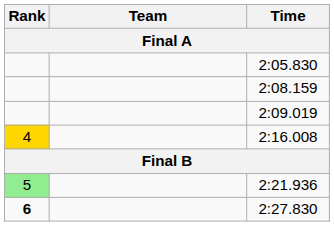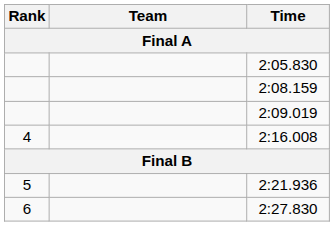 <table class=wikitable style="text-align:center">
 <tr>
 <th width=40>Rank</th>
 <th width=200>Team</th>
 <th width=80>Time</th>
 </tr>
 <tr>
 <th colspan=3>Final A</th>
 </tr>
 <tr>
 <td></td>
 <td align=left></td>
 <td>2:05.830</td>
 </tr>
 <tr>
 <td></td>
 <td align=left></td>
 <td>2:08.159</td>
 </tr>
 <tr>
 <td></td>
 <td align=left></td>
 <td>2:09.019</td>
 </tr>
 <tr>
-<td style="background: gold;">4</td>
+<td>4</td>
 <td align=left></td>
 <td>2:16.008</td>
 </tr>
 <tr>
 <th colspan=3>Final B</th>
 </tr>
 <tr>
-<td style="background: lightgreen;">5</td>
+<td>5</td>
 <td align=left></td>
 <td>2:21.936</td>
 </tr>
 <tr>
-<td><strong>6</strong></td>
+<td>6</td>
 <td align=left></td>
 <td>2:27.830</td>
 </tr>
 </table>
